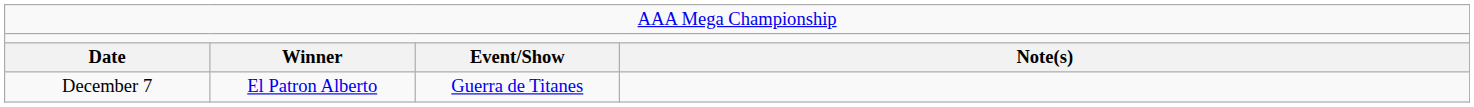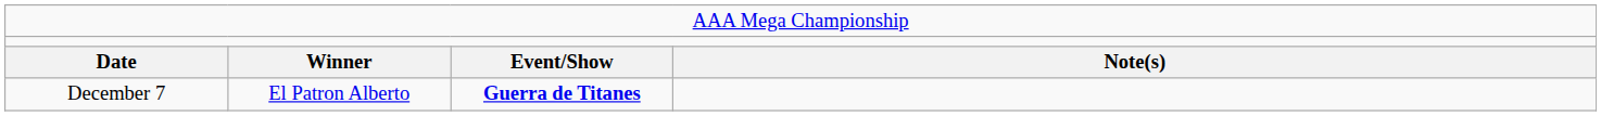 <table class="wikitable" style="text-align:center; width:100%;">
 <tr>
 <td colspan="5"><a href='#'>AAA Mega Championship</a></td>
 </tr>
 <tr>
 <td colspan="5"><strong></strong></td>
 </tr>
 <tr>
 <th width="14%">Date</th>
 <th width="14%">Winner</th>
 <th width="14%">Event/Show</th>
 <th width="58%">Note(s)</th>
 </tr>
 <tr>
 <td>December 7</td>
 <td><a href='#'>El Patron Alberto</a></td>
-<td><a href='#'>Guerra de Titanes</a></td>
+<td><strong><a href='#'>Guerra de Titanes</a></strong></td>
 <td align="left"></td>
 </tr>
 </table>
